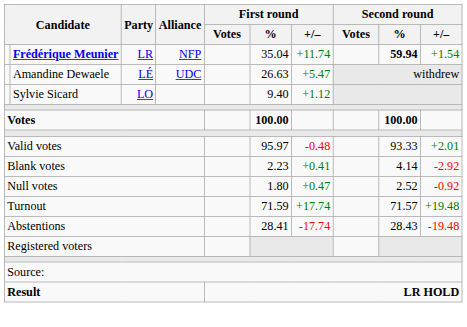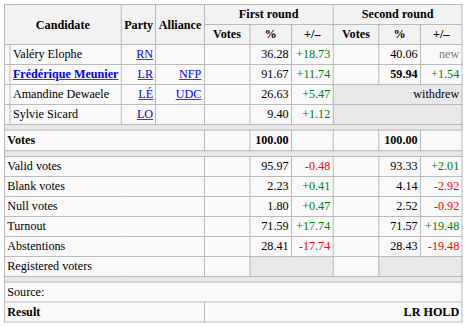 <table class="wikitable" style="text-align:right;font-size:95%;">
 <tr>
 <th rowspan="2" colspan="2">Candidate</th>
 <th colspan="1" rowspan="2">Party</th>
 <th colspan="1" rowspan="2">Alliance</th>
 <th colspan="3">First round</th>
 <th colspan="3">Second round</th>
 </tr>
 <tr>
 <th style="width:50px;">Votes</th>
 <th style="width:45px;">%</th>
 <th style="width:45px;">+/–</th>
 <th style="width:50px;">Votes</th>
 <th style="width:45px;">%</th>
 <th style="width:45px;">+/–</th>
 </tr>
 <tr>
 <td style="color:inherit;background:"></td>
+<td style="text-align:left;">Valéry Elophe</td>
+<td><a href='#'>RN</a></td>
+<td></td>
+<td></td>
+<td>36.28</td>
+<td style="color:green;">+18.73</td>
+<td></td>
+<td>40.06</td>
+<td style="color:grey;">new</td>
+</tr>
+<tr>
+<td style="color:inherit;background:"></td>
 <td style="text-align:left;"><strong><a href='#'>Frédérique Meunier</a></strong></td>
 <td><a href='#'>LR</a></td>
 <td><a href='#'>NFP</a></td>
 <td></td>
-<td>35.04</td>
+<td>91.67</td>
 <td style="color:green;">+11.74</td>
 <td><strong></strong></td>
 <td><strong>59.94</strong></td>
 <td style="color:green;">+1.54</td>
 </tr>
 <tr>
 <td style="color:inherit;background:"></td>
 <td style="text-align:left;">Amandine Dewaele</td>
 <td><a href='#'>LÉ</a></td>
 <td><a href='#'>UDC</a></td>
 <td></td>
 <td>26.63</td>
 <td style="color:green;">+5.47</td>
 <td colspan="3" style="background:#E9E9E9;">withdrew</td>
 </tr>
 <tr>
 <td style="color:inherit;background:"></td>
 <td style="text-align:left;">Sylvie Sicard</td>
 <td><a href='#'>LO</a></td>
 <td></td>
 <td></td>
 <td>9.40</td>
 <td style="color:green;">+1.12</td>
 <td colspan="3" style="background:#E9E9E9;"></td>
 </tr>
 <tr>
 <td colspan="10" style="background:#E9E9E9;"></td>
 </tr>
 <tr style="font-weight:bold;">
 <td colspan="4" style="text-align:left;">Votes</td>
 <td></td>
 <td>100.00</td>
 <td></td>
 <td></td>
 <td>100.00</td>
 <td></td>
 </tr>
 <tr>
 <td colspan="10" style="background:#E9E9E9;"></td>
 </tr>
 <tr>
 <td colspan="4" style="text-align:left;">Valid votes</td>
 <td></td>
 <td>95.97</td>
 <td style="color:red;">-0.48</td>
 <td></td>
 <td>93.33</td>
 <td style="color:green;">+2.01</td>
 </tr>
 <tr>
 <td colspan="4" style="text-align:left;">Blank votes</td>
 <td></td>
 <td>2.23</td>
 <td style="color:green;">+0.41</td>
 <td></td>
 <td>4.14</td>
 <td style="color:red;">-2.92</td>
 </tr>
 <tr>
 <td colspan="4" style="text-align:left;">Null votes</td>
 <td></td>
 <td>1.80</td>
 <td style="color:green;">+0.47</td>
 <td></td>
 <td>2.52</td>
 <td style="color:red;">-0.92</td>
 </tr>
 <tr>
 <td colspan="4" style="text-align:left;">Turnout</td>
 <td></td>
 <td>71.59</td>
 <td style="color:green;">+17.74</td>
 <td></td>
 <td>71.57</td>
 <td style="color:green;">+19.48</td>
 </tr>
 <tr>
 <td colspan="4" style="text-align:left;">Abstentions</td>
 <td></td>
 <td>28.41</td>
 <td style="color:red;">-17.74</td>
 <td></td>
 <td>28.43</td>
 <td style="color:red;">-19.48</td>
 </tr>
 <tr>
 <td colspan="4" style="text-align:left;">Registered voters</td>
 <td></td>
 <td colspan="2" style="background:#E9E9E9;"></td>
 <td></td>
 <td colspan="2" style="background:#E9E9E9;"></td>
 </tr>
 <tr>
 <td colspan="10" style="background:#E9E9E9;"></td>
 </tr>
 <tr>
 <td colspan="10" style="text-align:left;">Source: </td>
 </tr>
 <tr style="font-weight:bold">
 <td colspan="4" style="text-align:left;">Result</td>
 <td colspan="6" style="background-color:">LR HOLD</td>
 </tr>
 </table>
